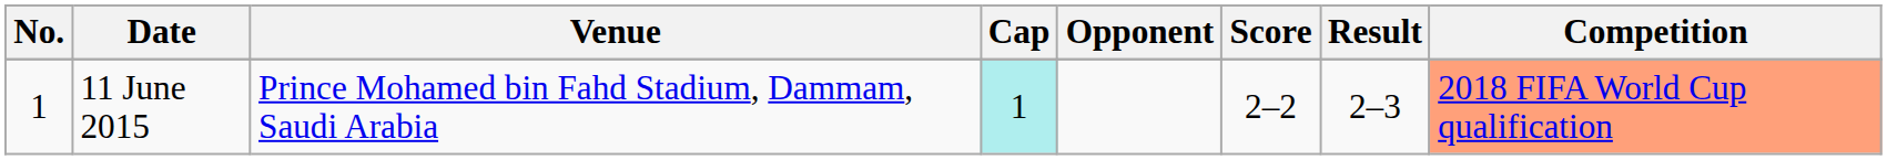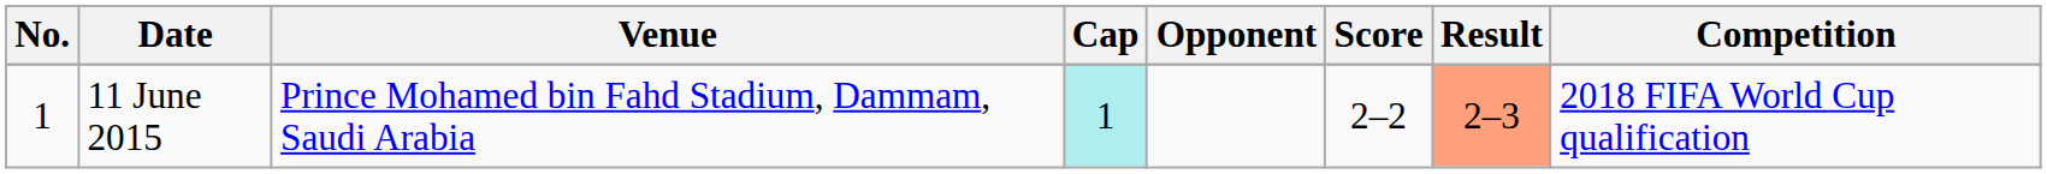 <table class="wikitable sortable">
 <tr>
 <th scope="col">No.</th>
 <th scope="col">Date</th>
 <th scope="col">Venue</th>
 <th scope="col">Cap</th>
 <th scope="col">Opponent</th>
 <th scope="col">Score</th>
 <th scope="col">Result</th>
 <th scope="col">Competition</th>
 </tr>
 <tr>
 </tr>
 <tr>
 <td align="center">1</td>
 <td>11 June 2015</td>
 <td><a href='#'>Prince Mohamed bin Fahd Stadium</a>, <a href='#'>Dammam</a>, <a href='#'>Saudi Arabia</a></td>
 <td align="center" style="background: paleturquoise;">1</td>
 <td></td>
 <td align=center>2–2</td>
-<td align=center>2–3</td>
-<td style="background: lightsalmon;"><a href='#'>2018 FIFA World Cup qualification</a></td>
+<td align=center style="background: lightsalmon;">2–3</td>
+<td><a href='#'>2018 FIFA World Cup qualification</a></td>
 </tr>
 </table>
